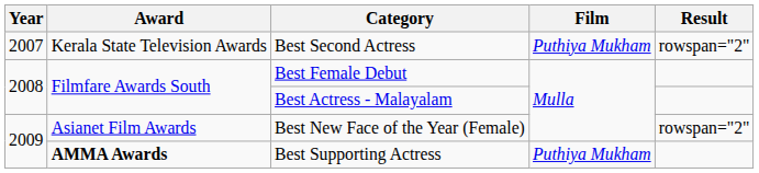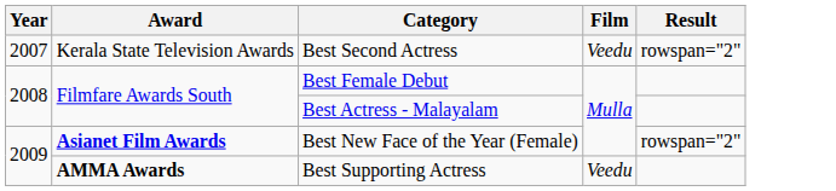 <table class="wikitable">
 <tr>
 <th>Year</th>
 <th>Award</th>
 <th>Category</th>
 <th>Film</th>
 <th>Result</th>
 </tr>
 <tr>
 <td>2007</td>
 <td>Kerala State Television Awards</td>
 <td>Best Second Actress</td>
-<td><em><a href='#'>Puthiya Mukham</a></em></td>
+<td><em>Veedu</em></td>
 <td>rowspan="2" </td>
 </tr>
 <tr>
 <td rowspan="2">2008</td>
 <td rowspan="2"><a href='#'>Filmfare Awards South</a></td>
 <td><a href='#'>Best Female Debut</a></td>
 <td rowspan="3"><em><a href='#'>Mulla</a></em></td>
 </tr>
 <tr>
 <td><a href='#'>Best Actress - Malayalam</a></td>
 <td></td>
 </tr>
 <tr>
 <td rowspan="2">2009</td>
-<td><a href='#'>Asianet Film Awards</a></td>
+<td><strong><a href='#'>Asianet Film Awards</a></strong></td>
 <td>Best New Face of the Year (Female)</td>
 <td>rowspan="2" </td>
 </tr>
 <tr>
 <td><strong>AMMA Awards</strong></td>
 <td>Best Supporting Actress</td>
-<td><em><a href='#'>Puthiya Mukham</a></em></td>
+<td><em>Veedu</em></td>
 </tr>
 </table>
